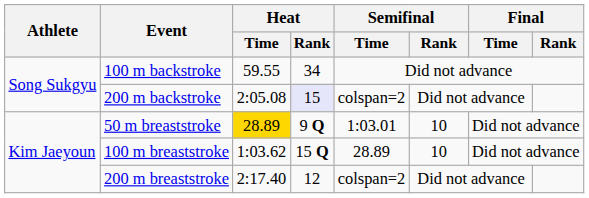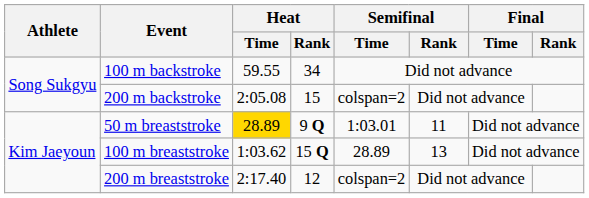 <table class=wikitable style="font-size:90%">
 <tr>
 <th rowspan=2>Athlete</th>
 <th rowspan=2>Event</th>
 <th colspan="2">Heat</th>
 <th colspan="2">Semifinal</th>
 <th colspan="2">Final</th>
 </tr>
 <tr style="font-size:95%">
 <th>Time</th>
 <th>Rank</th>
 <th>Time</th>
 <th>Rank</th>
 <th>Time</th>
 <th>Rank</th>
 </tr>
 <tr align=center>
 <td align=left rowspan=2><a href='#'>Song Sukgyu</a></td>
 <td align=left><a href='#'>100 m backstroke</a></td>
 <td>59.55</td>
 <td>34</td>
 <td colspan=4>Did not advance</td>
 </tr>
 <tr align=center>
 <td align=left><a href='#'>200 m backstroke</a></td>
 <td>2:05.08</td>
-<td style="background: lavender;">15</td>
+<td>15</td>
 <td>colspan=2 </td>
 <td colspan=2>Did not advance</td>
 </tr>
 <tr align=center>
 <td align=left rowspan=3><a href='#'>Kim Jaeyoun</a></td>
 <td align=left><a href='#'>50 m breaststroke</a></td>
 <td style="background: gold;">28.89</td>
 <td>9 <strong>Q</strong></td>
 <td>1:03.01</td>
-<td>10</td>
+<td>11</td>
 <td colspan=2>Did not advance</td>
 </tr>
 <tr align=center>
 <td align=left><a href='#'>100 m breaststroke</a></td>
 <td>1:03.62</td>
 <td>15 <strong>Q</strong></td>
 <td>28.89</td>
-<td>10</td>
+<td>13</td>
 <td colspan=2>Did not advance</td>
 </tr>
 <tr align=center>
 <td align=left><a href='#'>200 m breaststroke</a></td>
 <td>2:17.40</td>
 <td>12</td>
 <td>colspan=2 </td>
 <td colspan=2>Did not advance</td>
 </tr>
 </table>
